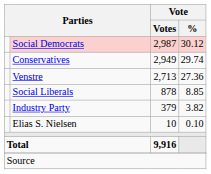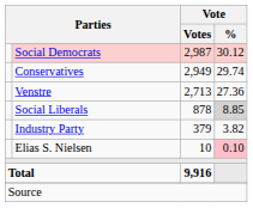 <table class="wikitable" style="text-align:right;">
 <tr>
 <th style="text-align:centre;" rowspan="2" colspan="2" width="225">Parties</th>
 <th colspan="3">Vote</th>
 </tr>
 <tr>
 <th width="15">Votes</th>
 <th width="15">%</th>
 </tr>
 <tr>
 <td width="2" style="color:inherit;background:"></td>
 <td bgcolor=#fbd0ce  align="left"><a href='#'>Social Democrats</a></td>
 <td bgcolor=#fbd0ce>2,987</td>
 <td bgcolor=#fbd0ce>30.12</td>
 </tr>
 <tr>
 <td width="2" style="color:inherit;background:"></td>
 <td align="left"><a href='#'>Conservatives</a></td>
 <td>2,949</td>
 <td>29.74</td>
 </tr>
 <tr>
 <td width="2" style="color:inherit;background:"></td>
 <td align="left"><a href='#'>Venstre</a></td>
 <td>2,713</td>
 <td>27.36</td>
 </tr>
 <tr>
 <td width="2" style="color:inherit;background:"></td>
 <td align="left"><a href='#'>Social Liberals</a></td>
 <td>878</td>
-<td>8.85</td>
+<td style="background: lightgrey;">8.85</td>
 </tr>
 <tr>
 <td width="2" style="color:inherit;background:"></td>
 <td align="left"><a href='#'>Industry Party</a></td>
 <td>379</td>
 <td>3.82</td>
 </tr>
 <tr>
 <td width="2" style="color:inherit;background:"></td>
 <td align="left">Elias S. Nielsen</td>
 <td>10</td>
-<td>0.10</td>
+<td style="background: pink;">0.10</td>
 </tr>
 <tr>
 <td colspan="7" bgcolor="#E9E9E9"></td>
 </tr>
 <tr>
 <td align="left" colspan="2"><strong>Total</strong></td>
 <td><strong>9,916</strong></td>
 <td bgcolor="#E9E9E9" colspan="2"></td>
 </tr>
 <tr>
 </tr>
 <tr>
 <td align="left" colspan="6">Source</td>
 </tr>
 </table>
